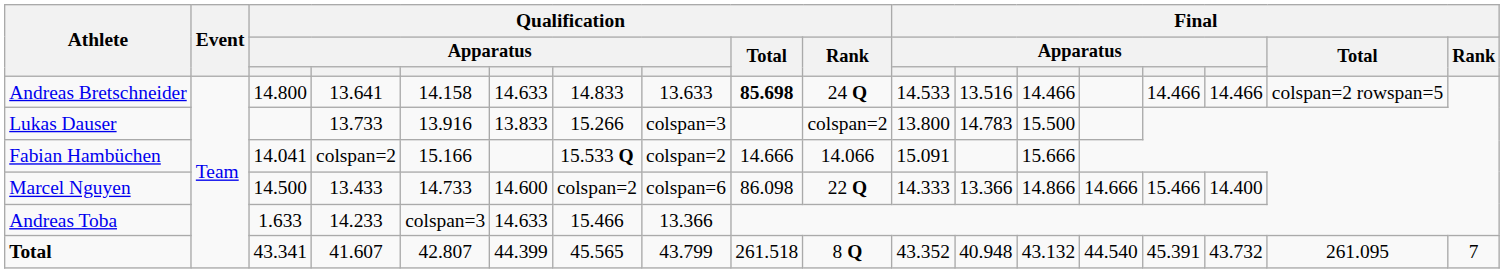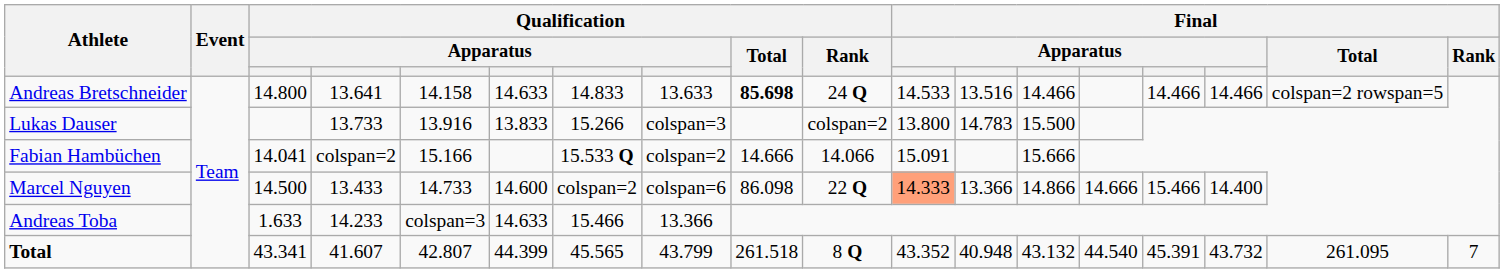 <table class="wikitable" style="font-size:90%">
 <tr>
 <th rowspan=3>Athlete</th>
 <th rowspan=3>Event</th>
 <th colspan =8>Qualification</th>
 <th colspan =8>Final</th>
 </tr>
 <tr style="font-size:95%">
 <th colspan=6>Apparatus</th>
 <th rowspan=2>Total</th>
 <th rowspan=2>Rank</th>
 <th colspan=6>Apparatus</th>
 <th rowspan=2>Total</th>
 <th rowspan=2>Rank</th>
 </tr>
 <tr style="font-size:95%">
 <th></th>
 <th></th>
 <th></th>
 <th></th>
 <th></th>
 <th></th>
 <th></th>
 <th></th>
 <th></th>
 <th></th>
 <th></th>
 <th></th>
 </tr>
 <tr align=center>
 <td align=left><a href='#'>Andreas Bretschneider</a></td>
 <td align=left rowspan=6><a href='#'>Team</a></td>
 <td>14.800</td>
 <td>13.641</td>
 <td>14.158</td>
 <td>14.633</td>
 <td>14.833</td>
 <td>13.633</td>
 <td><strong>85.698</strong></td>
 <td>24 <strong>Q</strong></td>
 <td>14.533</td>
 <td>13.516</td>
 <td>14.466</td>
 <td></td>
 <td>14.466</td>
 <td>14.466</td>
 <td>colspan=2 rowspan=5 </td>
 </tr>
 <tr align=center>
 <td align=left><a href='#'>Lukas Dauser</a></td>
 <td></td>
 <td>13.733</td>
 <td>13.916</td>
 <td>13.833</td>
 <td>15.266</td>
 <td>colspan=3 </td>
 <td></td>
 <td>colspan=2 </td>
 <td>13.800</td>
 <td>14.783</td>
 <td>15.500</td>
 <td></td>
 </tr>
 <tr align=center>
 <td align=left><a href='#'>Fabian Hambüchen</a></td>
 <td>14.041</td>
 <td>colspan=2 </td>
 <td>15.166</td>
 <td></td>
 <td>15.533 <strong>Q</strong></td>
 <td>colspan=2 </td>
 <td>14.666</td>
 <td>14.066</td>
 <td>15.091</td>
 <td></td>
 <td>15.666</td>
 </tr>
 <tr align=center>
 <td align=left><a href='#'>Marcel Nguyen</a></td>
 <td>14.500</td>
 <td>13.433</td>
 <td>14.733</td>
 <td>14.600</td>
 <td>colspan=2 </td>
 <td>colspan=6 </td>
 <td>86.098</td>
 <td>22 <strong>Q</strong></td>
-<td>14.333</td>
+<td style="background: lightsalmon;">14.333</td>
 <td>13.366</td>
 <td>14.866</td>
 <td>14.666</td>
 <td>15.466</td>
 <td>14.400</td>
 </tr>
 <tr align=center>
 <td align=left><a href='#'>Andreas Toba</a></td>
 <td>1.633</td>
 <td>14.233</td>
 <td>colspan=3 </td>
 <td>14.633</td>
 <td>15.466</td>
 <td>13.366</td>
 </tr>
 <tr align=center>
 <td align=left><strong>Total</strong></td>
 <td>43.341</td>
 <td>41.607</td>
 <td>42.807</td>
 <td>44.399</td>
 <td>45.565</td>
 <td>43.799</td>
 <td>261.518</td>
 <td>8 <strong>Q</strong></td>
 <td>43.352</td>
 <td>40.948</td>
 <td>43.132</td>
 <td>44.540</td>
 <td>45.391</td>
 <td>43.732</td>
 <td>261.095</td>
 <td>7</td>
 </tr>
 </table>
